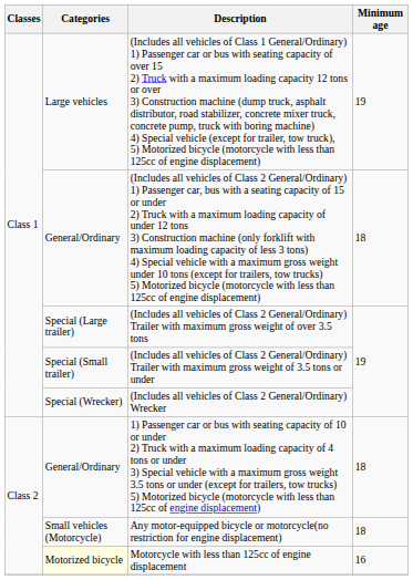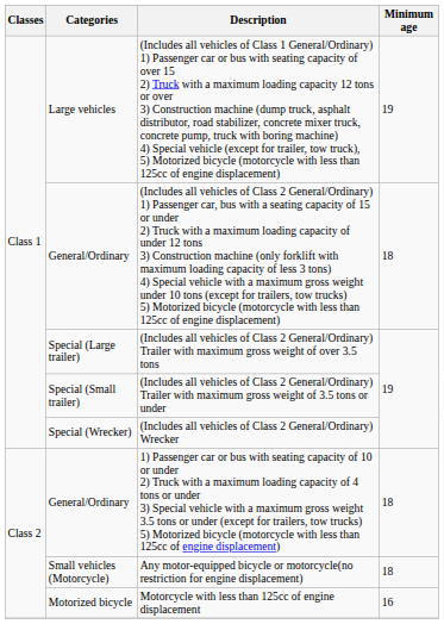 <table class="wikitable">
 <tr>
 <th>Classes</th>
 <th>Categories</th>
 <th>Description</th>
 <th>Minimum age</th>
 </tr>
 <tr>
 <td rowspan="5">Class 1</td>
 <td>Large vehicles</td>
 <td>(Includes all vehicles of Class 1 General/Ordinary)<br>1) Passenger car or bus with seating capacity of over 15<br>2) <a href='#'>Truck</a> with a maximum loading capacity 12 tons or over<br>3) Construction machine (dump truck, asphalt distributor, road stabilizer, concrete mixer truck, concrete pump, truck with boring machine)<br>4) Special vehicle (except for trailer, tow truck),<br>5) Motorized bicycle (motorcycle with less than 125cc of engine displacement)</td>
 <td rowspan=1>19</td>
 </tr>
 <tr>
 <td>General/Ordinary</td>
 <td>(Includes all vehicles of Class 2 General/Ordinary)<br>1) Passenger car, bus with a seating capacity of 15 or under<br>2) Truck with a maximum loading capacity of under 12 tons<br>3) Construction machine (only forklift with maximum loading capacity of less 3 tons)<br>4) Special vehicle with a maximum gross weight under 10 tons (except for trailers, tow trucks)<br>5) Motorized bicycle (motorcycle with less than 125cc of engine displacement)</td>
 <td rowspan=1>18</td>
 </tr>
 <tr>
 <td>Special (Large trailer)</td>
 <td>(Includes all vehicles of Class 2 General/Ordinary) Trailer with maximum gross weight of over 3.5 tons</td>
 <td rowspan="3">19</td>
 </tr>
 <tr>
 <td>Special (Small trailer)</td>
 <td>(Includes all vehicles of Class 2 General/Ordinary) Trailer with maximum gross weight of 3.5 tons or under</td>
 </tr>
 <tr>
 <td>Special (Wrecker)</td>
 <td>(Includes all vehicles of Class 2 General/Ordinary) Wrecker</td>
 </tr>
 <tr>
 <td rowspan="3">Class 2</td>
 <td>General/Ordinary</td>
 <td>1) Passenger car or bus with seating capacity of 10 or under<br>2) Truck with a maximum loading capacity of 4 tons or under<br>3) Special vehicle with a maximum gross weight 3.5 tons or under (except for trailers, tow trucks)<br>5) Motorized bicycle (motorcycle with less than 125cc of <a href='#'>engine displacement</a>)</td>
 <td rowspan="1">18</td>
 </tr>
 <tr>
 <td>Small vehicles<br>(Motorcycle)</td>
 <td>Any motor-equipped bicycle or motorcycle(no restriction for engine displacement)</td>
 <td rowspan="1">18</td>
 </tr>
 <tr>
-<td style="background: lightyellow;">Motorized bicycle</td>
+<td>Motorized bicycle</td>
 <td>Motorcycle with less than 125cc of engine displacement</td>
 <td rowspan="1">16</td>
 </tr>
 <tr>
 </tr>
 </table>
